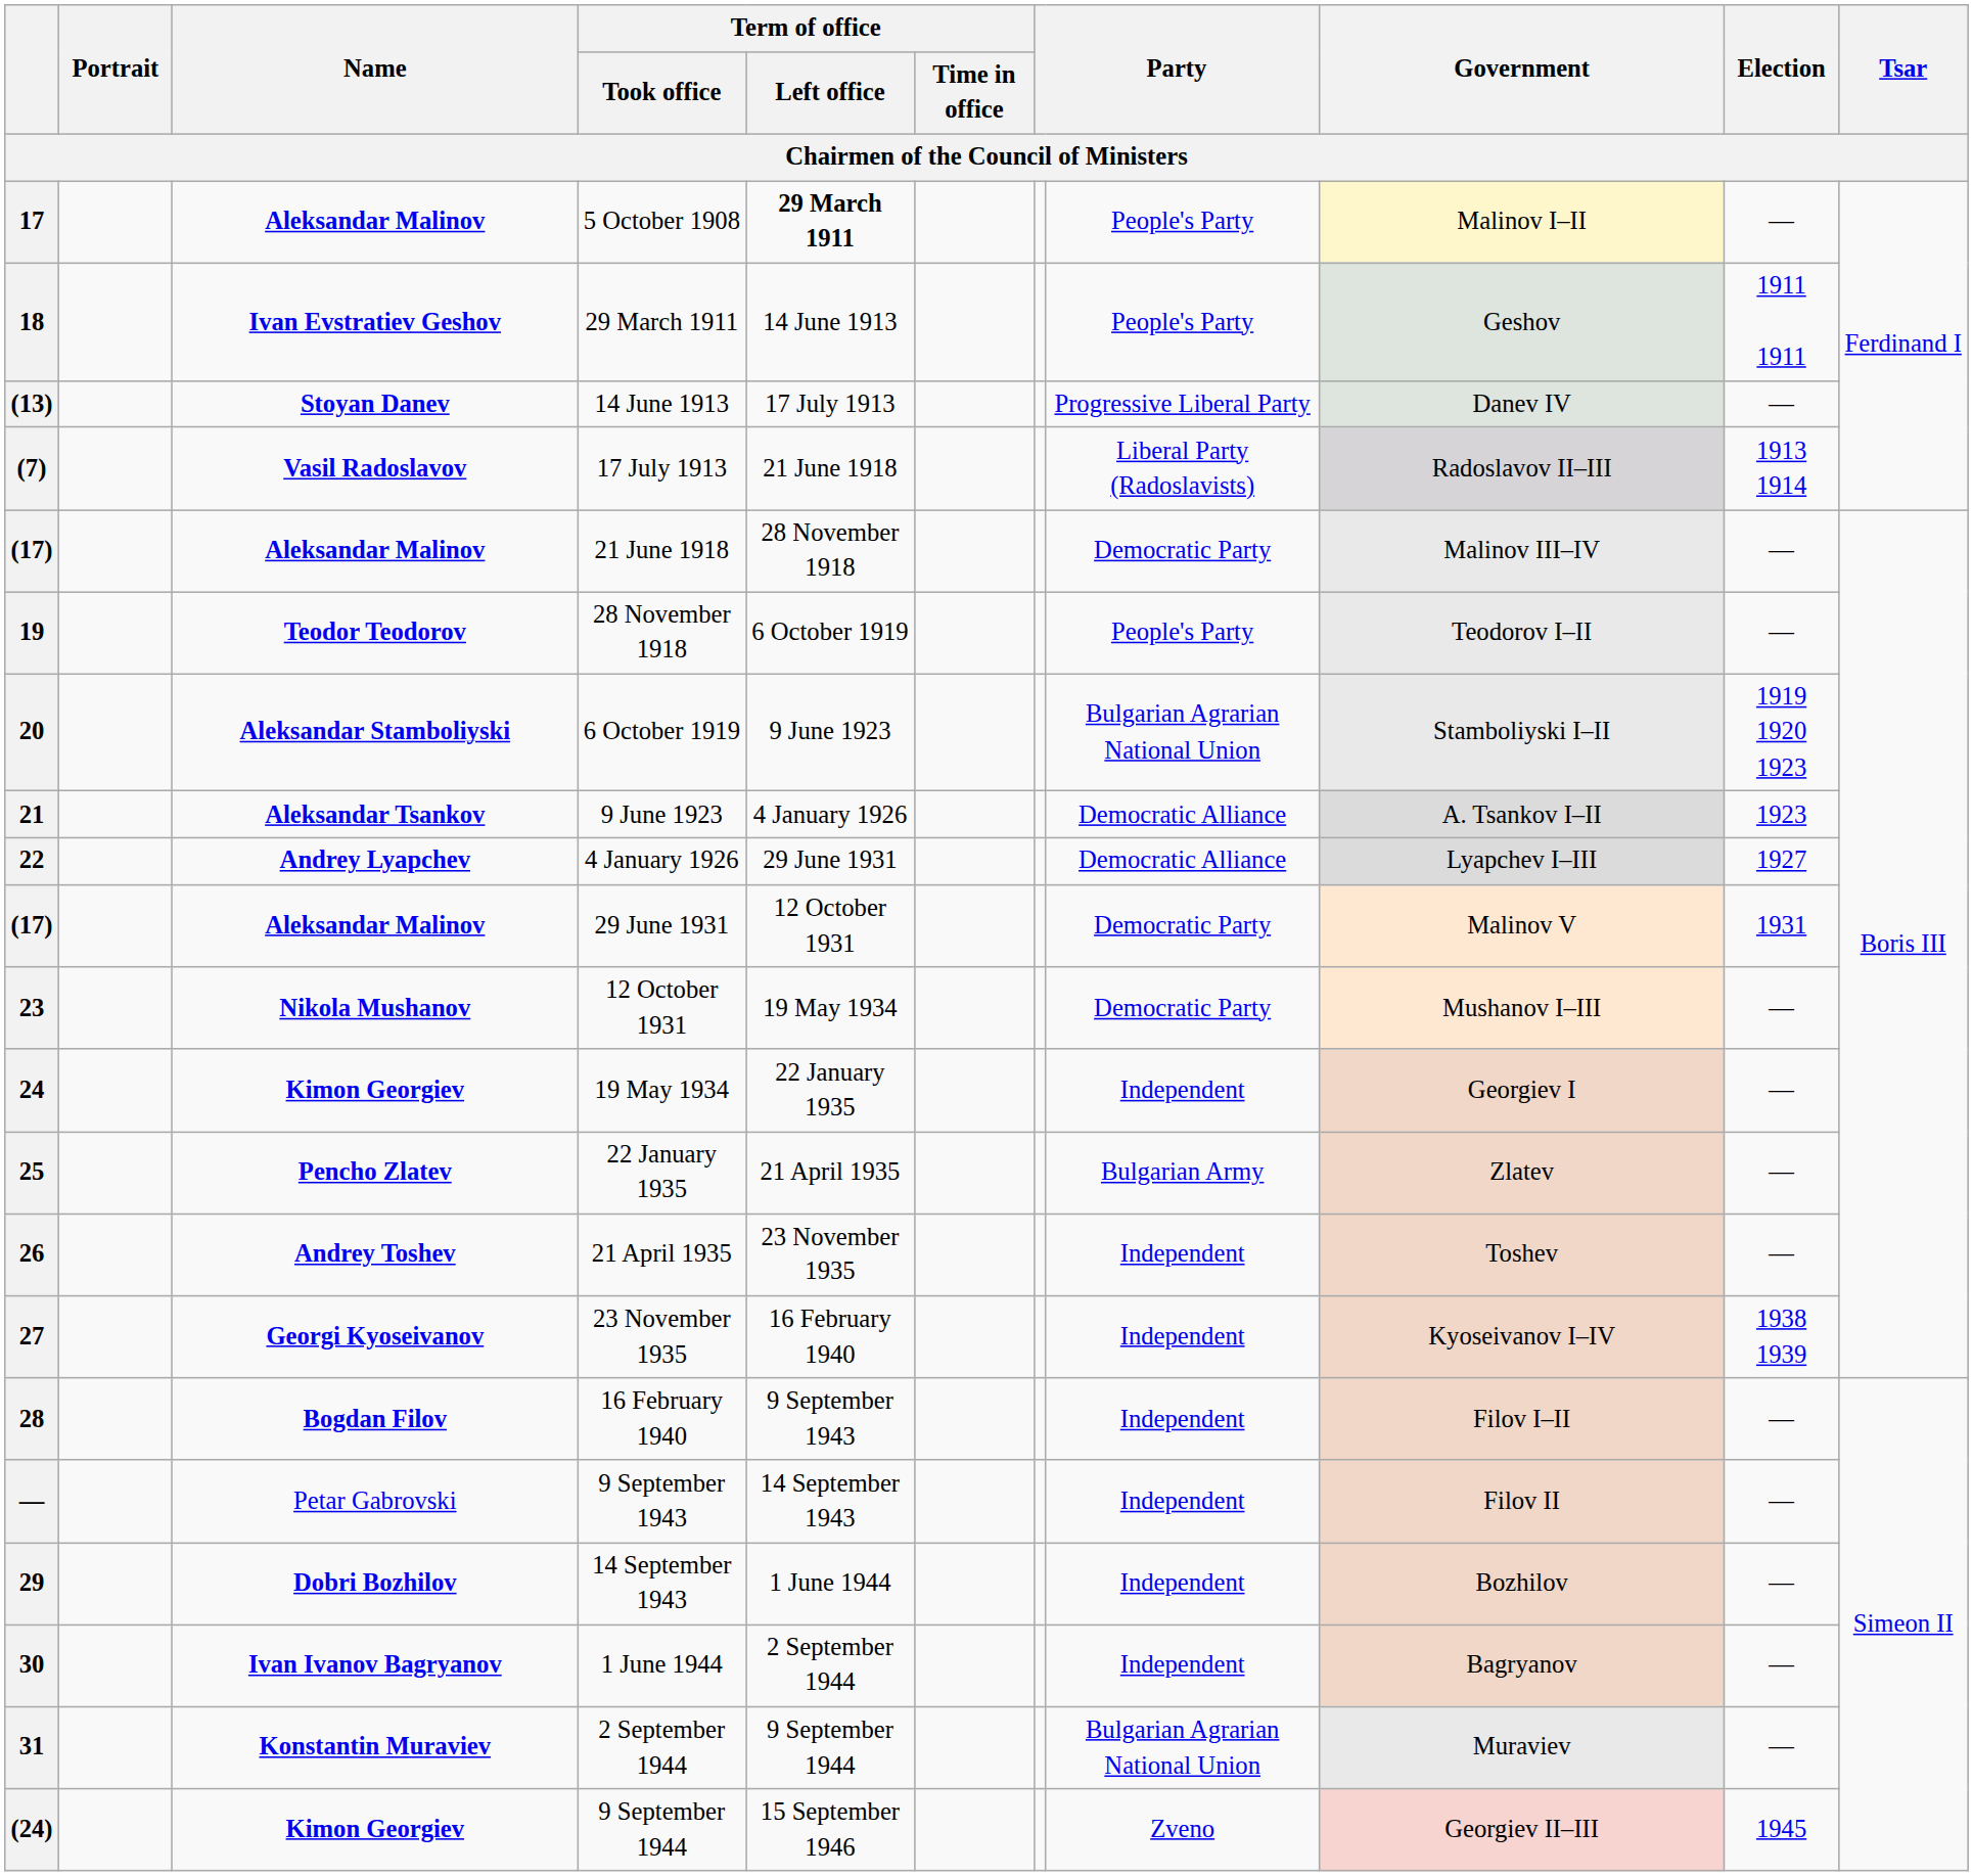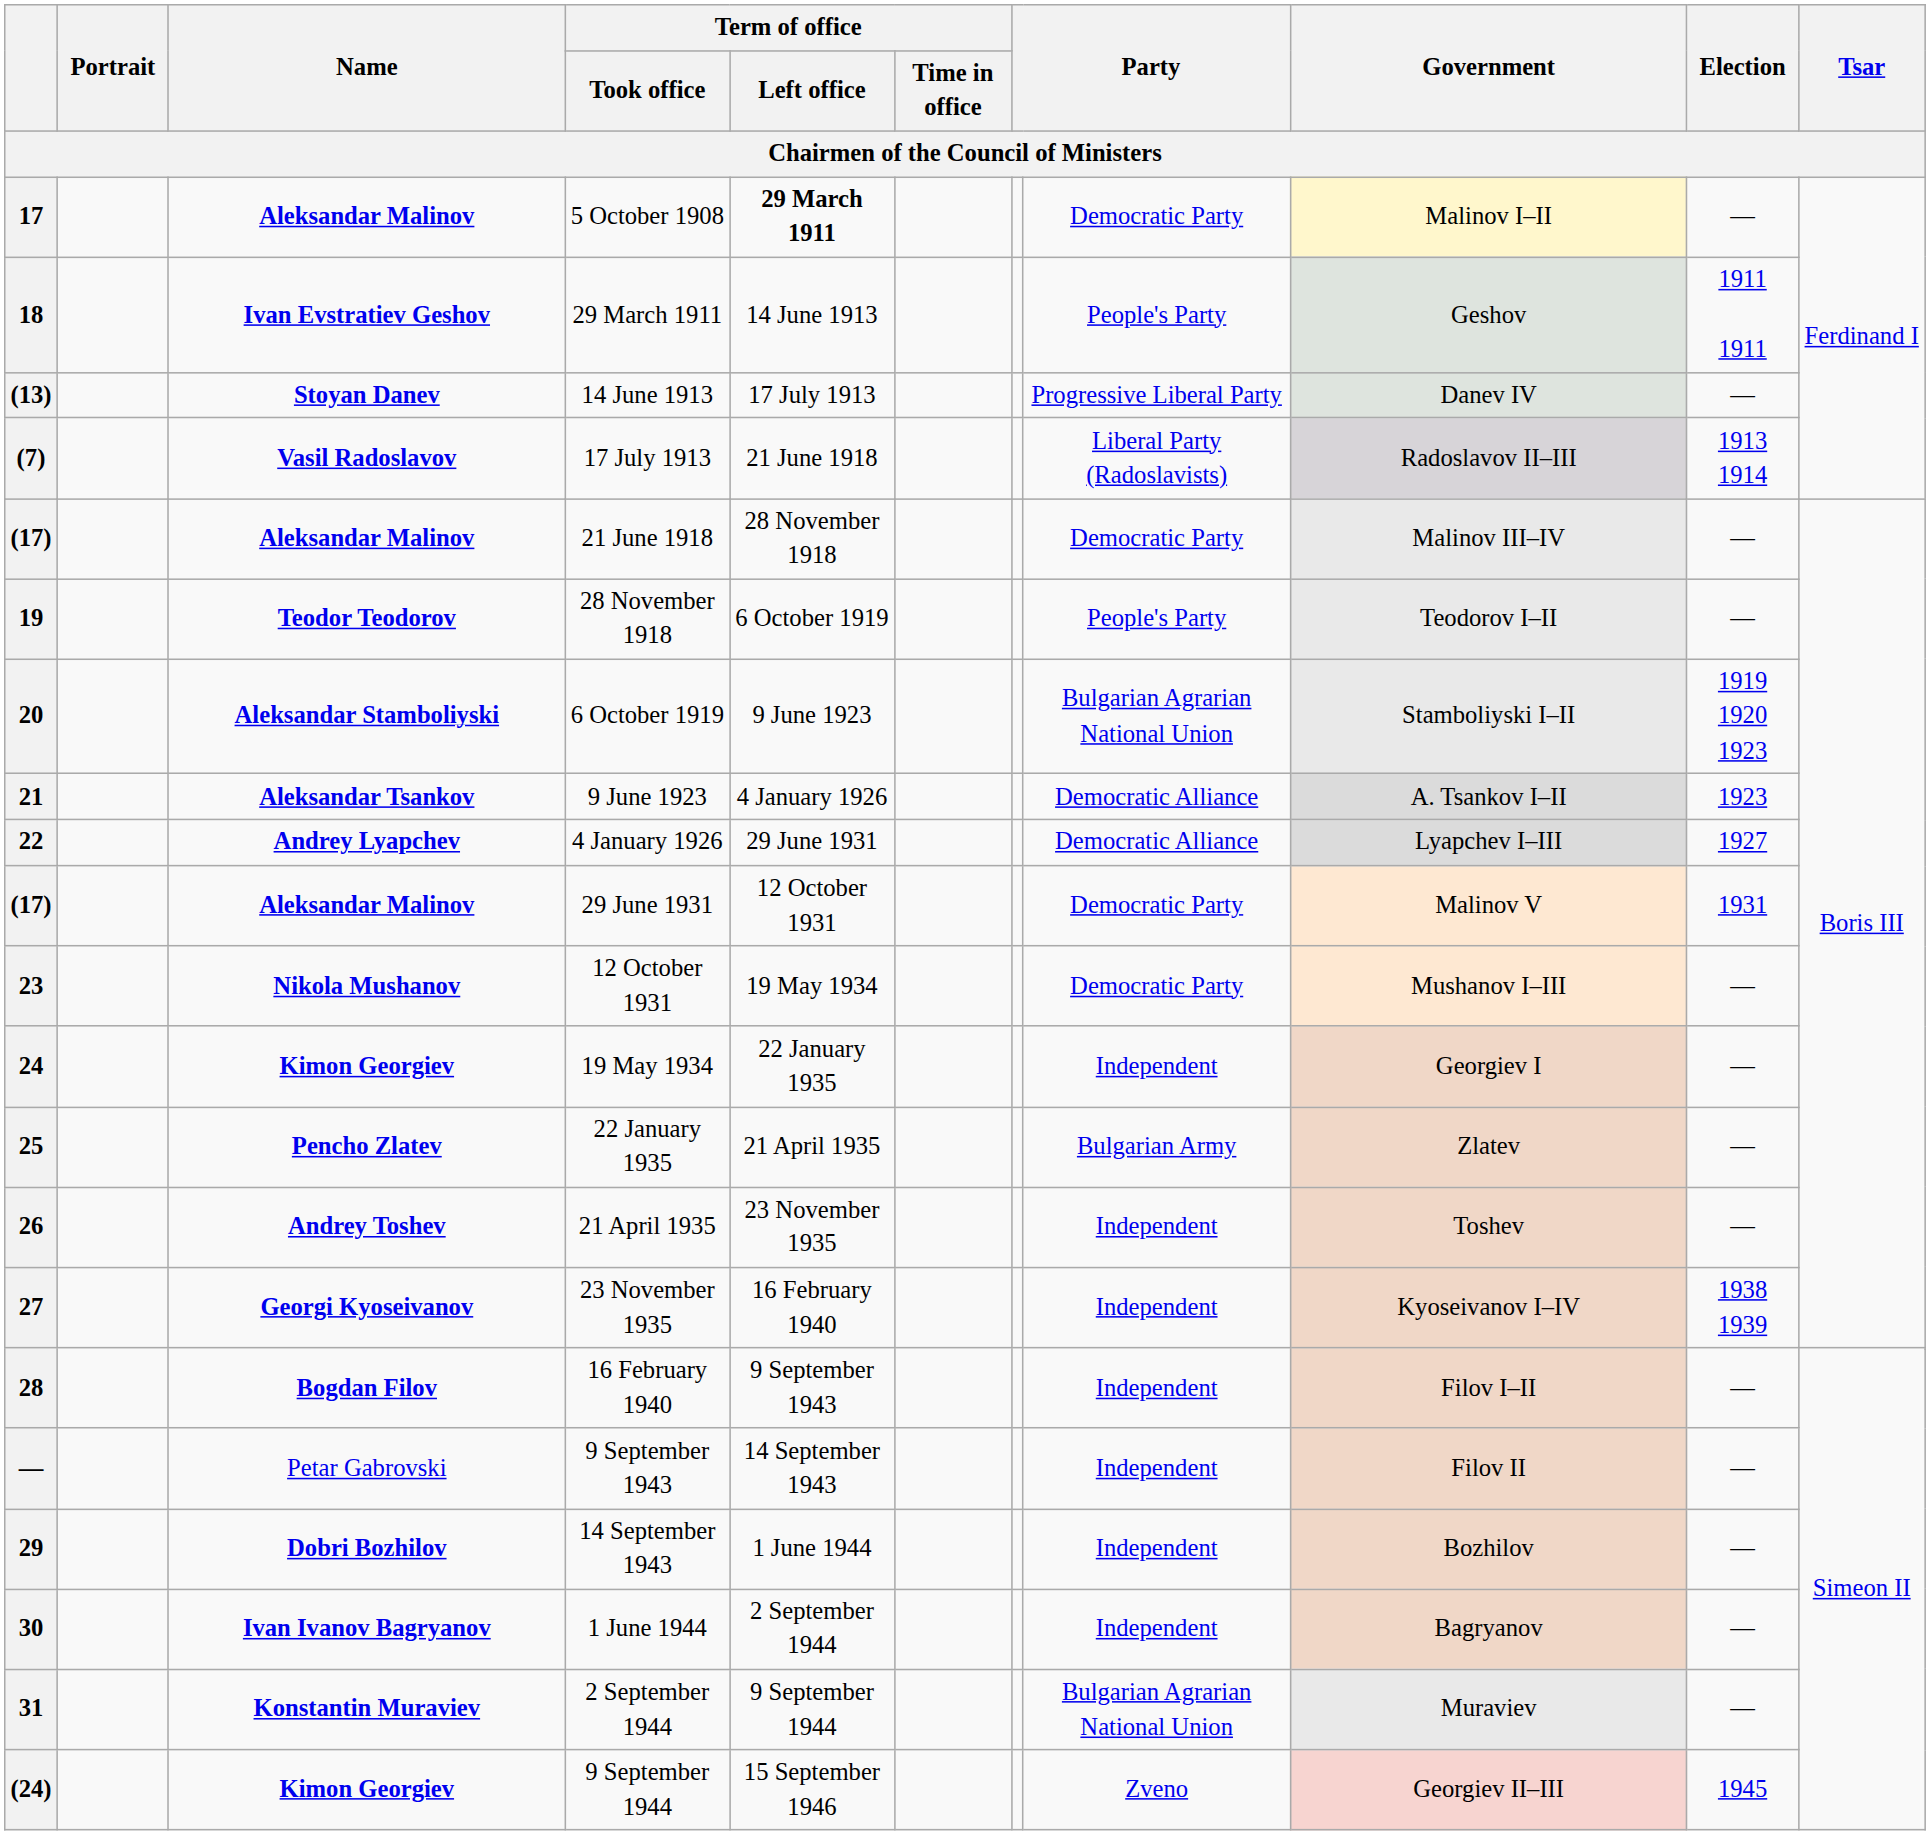 <table class="wikitable" style="line-height:1.4em; text-align:center; border:1px #aaf solid;">
 <tr>
 <th rowspan="2"></th>
 <th rowspan="2" width="65">Portrait</th>
 <th rowspan="2" width="250">Name<br></th>
 <th colspan="3">Term of office</th>
 <th rowspan="2" colspan="2" width="90">Party</th>
 <th rowspan="2" width="250">Government<br></th>
 <th rowspan="2" width="65">Election</th>
 <th rowspan="2" width="75"><a href='#'>Tsar</a><br></th>
 </tr>
 <tr>
 <th>Took office</th>
 <th>Left office</th>
 <th>Time in office</th>
 </tr>
 <tr>
 <th colspan="11">Chairmen of the Council of Ministers<br></th>
 </tr>
 <tr>
 <th>17</th>
 <td></td>
 <td><strong><a href='#'>Aleksandar Malinov</a></strong><br></td>
 <td>5 October 1908</td>
 <td><strong>29 March 1911</strong></td>
 <td></td>
 <td style="background:"></td>
-<td><a href='#'>People's Party</a></td>
+<td><a href='#'>Democratic Party</a></td>
 <td style="background:#FFF7CC;">Malinov I–II<br></td>
 <td>—</td>
 <td rowspan="5"><a href='#'>Ferdinand I</a></td>
 </tr>
 <tr>
 <th>18</th>
 <td></td>
 <td><strong><a href='#'>Ivan Evstratiev Geshov</a></strong><br></td>
 <td>29 March 1911</td>
 <td>14 June 1913</td>
 <td></td>
 <td style="background:"></td>
 <td><a href='#'>People's Party</a></td>
 <td style="background:#DEE4DE;">Geshov<br></td>
 <td><a href='#'>1911<br></a><br><a href='#'>1911<br></a></td>
 </tr>
 <tr>
 <th>(13)</th>
 <td></td>
 <td><strong><a href='#'>Stoyan Danev</a></strong><br></td>
 <td>14 June 1913</td>
 <td>17 July 1913</td>
 <td></td>
 <td style="background:"></td>
 <td><a href='#'>Progressive Liberal Party</a></td>
 <td style="background:#DEE4DE;">Danev IV<br></td>
 <td>—</td>
 </tr>
 <tr>
 <th>(7)</th>
 <td></td>
 <td><strong><a href='#'>Vasil Radoslavov</a></strong><br></td>
 <td>17 July 1913</td>
 <td>21 June 1918</td>
 <td></td>
 <td style="background:"></td>
 <td><a href='#'>Liberal Party (Radoslavists)</a></td>
 <td style="background:#D7D4D8;">Radoslavov II–III<br></td>
 <td><a href='#'>1913</a><br><a href='#'>1914</a></td>
 </tr>
 <tr>
 <th rowspan="2">(17)</th>
 <td rowspan="2"></td>
 <td rowspan="2"><strong><a href='#'>Aleksandar Malinov</a></strong><br></td>
 <td rowspan="2">21 June 1918</td>
 <td rowspan="2">28 November 1918</td>
 <td rowspan="2"></td>
 <td rowspan="2" style="background:"></td>
 <td rowspan="2"><a href='#'>Democratic Party</a></td>
 <td rowspan="2" style="background:#E9E9E9;">Malinov III–IV<br></td>
 <td rowspan="2">—</td>
 </tr>
 <tr>
 <td rowspan="12"><a href='#'>Boris III</a></td>
 </tr>
 <tr>
 <th>19</th>
 <td></td>
 <td><strong><a href='#'>Teodor Teodorov</a></strong><br></td>
 <td>28 November 1918</td>
 <td>6 October 1919</td>
 <td></td>
 <td style="background:"></td>
 <td><a href='#'>People's Party</a></td>
 <td style="background:#E9E9E9;">Teodorov I–II<br></td>
 <td>—</td>
 </tr>
 <tr>
 <th>20</th>
 <td></td>
 <td><strong><a href='#'>Aleksandar Stamboliyski</a></strong><br></td>
 <td>6 October 1919</td>
 <td>9 June 1923<br></td>
 <td></td>
 <td style="background:"></td>
 <td><a href='#'>Bulgarian Agrarian National Union</a></td>
 <td style="background:#E9E9E9;">Stamboliyski I–II<br></td>
 <td><a href='#'>1919</a><br><a href='#'>1920</a><br><a href='#'>1923<br></a></td>
 </tr>
 <tr>
 <th>21</th>
 <td></td>
 <td><strong><a href='#'>Aleksandar Tsankov</a></strong><br></td>
 <td>9 June 1923</td>
 <td>4 January 1926</td>
 <td></td>
 <td style="background:"></td>
 <td><a href='#'>Democratic Alliance</a></td>
 <td style="background:#DBDBDB;">A. Tsankov I–II<br></td>
 <td><a href='#'>1923<br></a></td>
 </tr>
 <tr>
 <th>22</th>
 <td></td>
 <td><strong><a href='#'>Andrey Lyapchev</a></strong><br></td>
 <td>4 January 1926</td>
 <td>29 June 1931</td>
 <td></td>
 <td style="background:"></td>
 <td><a href='#'>Democratic Alliance</a></td>
 <td style="background:#DBDBDB;">Lyapchev I–III<br></td>
 <td><a href='#'>1927</a></td>
 </tr>
 <tr>
 <th>(17)</th>
 <td></td>
 <td><strong><a href='#'>Aleksandar Malinov</a></strong><br></td>
 <td>29 June 1931</td>
 <td>12 October 1931</td>
 <td></td>
 <td style="background:"></td>
 <td><a href='#'>Democratic Party</a></td>
 <td style="background:#FEE8D2;">Malinov V<br></td>
 <td><a href='#'>1931</a></td>
 </tr>
 <tr>
 <th>23</th>
 <td></td>
 <td><strong><a href='#'>Nikola Mushanov</a></strong><br></td>
 <td>12 October 1931</td>
 <td>19 May 1934<br></td>
 <td></td>
 <td style="background:"></td>
 <td><a href='#'>Democratic Party</a></td>
 <td style="background:#FEE8D2;">Mushanov I–III<br></td>
 <td>—</td>
 </tr>
 <tr>
 <th>24</th>
 <td></td>
 <td><strong><a href='#'>Kimon Georgiev</a></strong><br></td>
 <td>19 May 1934</td>
 <td>22 January 1935</td>
 <td></td>
 <td style="background:"></td>
 <td><a href='#'>Independent</a></td>
 <td style="background:#F0D7C7;">Georgiev I<br></td>
 <td>—</td>
 </tr>
 <tr>
 <th>25</th>
 <td></td>
 <td><strong><a href='#'>Pencho Zlatev</a></strong><br></td>
 <td>22 January 1935</td>
 <td>21 April 1935</td>
 <td></td>
 <td style="background:"></td>
 <td><a href='#'>Bulgarian Army</a></td>
 <td style="background:#F0D7C7;">Zlatev<br></td>
 <td>—</td>
 </tr>
 <tr>
 <th>26</th>
 <td></td>
 <td><strong><a href='#'>Andrey Toshev</a></strong><br></td>
 <td>21 April 1935</td>
 <td>23 November 1935</td>
 <td></td>
 <td style="background:"></td>
 <td><a href='#'>Independent</a></td>
 <td style="background:#F0D7C7;">Toshev<br></td>
 <td>—</td>
 </tr>
 <tr>
 <th>27</th>
 <td></td>
 <td><strong><a href='#'>Georgi Kyoseivanov</a></strong><br></td>
 <td>23 November 1935</td>
 <td>16 February 1940</td>
 <td></td>
 <td style="background:"></td>
 <td><a href='#'>Independent</a></td>
 <td style="background:#F0D7C7;">Kyoseivanov I–IV<br></td>
 <td><a href='#'>1938</a><br><a href='#'>1939</a></td>
 </tr>
 <tr>
 <th rowspan="2">28</th>
 <td rowspan="2"></td>
 <td rowspan="2"><strong><a href='#'>Bogdan Filov</a></strong><br></td>
 <td rowspan="2">16 February 1940</td>
 <td rowspan="2">9 September 1943</td>
 <td rowspan="2"></td>
 <td rowspan="2" style="background:"></td>
 <td rowspan="2"><a href='#'>Independent</a></td>
 <td rowspan="2" style="background:#F0D7C7;">Filov I–II<br></td>
 <td rowspan="2">—</td>
 </tr>
 <tr>
 <td rowspan="6"><a href='#'>Simeon II</a></td>
 </tr>
 <tr>
 <th>—</th>
 <td></td>
 <td><a href='#'>Petar Gabrovski</a><br></td>
 <td>9 September 1943</td>
 <td>14 September 1943</td>
 <td></td>
 <td style="background:"></td>
 <td><a href='#'>Independent</a></td>
 <td style="background:#F0D7C7;">Filov II<br></td>
 <td>—</td>
 </tr>
 <tr>
 <th>29</th>
 <td></td>
 <td><strong><a href='#'>Dobri Bozhilov</a></strong><br></td>
 <td>14 September 1943</td>
 <td>1 June 1944</td>
 <td></td>
 <td style="background:"></td>
 <td><a href='#'>Independent</a></td>
 <td style="background:#F0D7C7;">Bozhilov<br></td>
 <td>—</td>
 </tr>
 <tr>
 <th>30</th>
 <td></td>
 <td><strong><a href='#'>Ivan Ivanov Bagryanov</a></strong><br></td>
 <td>1 June 1944</td>
 <td>2 September 1944</td>
 <td></td>
 <td style="background:"></td>
 <td><a href='#'>Independent</a></td>
 <td style="background:#F0D7C7;">Bagryanov<br></td>
 <td>—</td>
 </tr>
 <tr>
 <th>31</th>
 <td></td>
 <td><strong><a href='#'>Konstantin Muraviev</a></strong><br></td>
 <td>2 September 1944</td>
 <td>9 September 1944<br></td>
 <td></td>
 <td style="background:"></td>
 <td><a href='#'>Bulgarian Agrarian National Union</a></td>
 <td style="background:#E9E9E9;">Muraviev<br></td>
 <td>—</td>
 </tr>
 <tr>
 <th>(24)</th>
 <td></td>
 <td><strong><a href='#'>Kimon Georgiev</a></strong><br></td>
 <td>9 September 1944</td>
 <td>15 September 1946</td>
 <td></td>
 <td style="background:"></td>
 <td><a href='#'>Zveno</a></td>
 <td style="background:#F7D4D0;">Georgiev II–III<br></td>
 <td><a href='#'>1945</a></td>
 </tr>
 </table>
